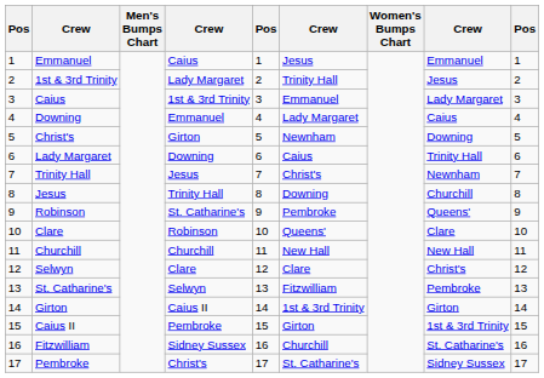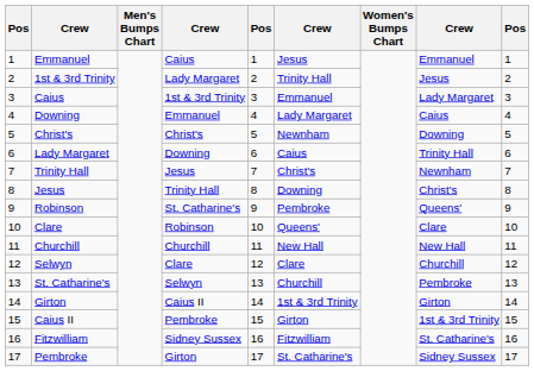 <table class="wikitable" style="font-size:88%; white-space:nowrap; margin:0.5em auto">
 <tr style="white-space:normal">
 <th width=35>Pos</th>
 <th width=125>Crew</th>
 <th width=90>Men's Bumps Chart</th>
 <th width=125>Crew</th>
 <th width=35>Pos</th>
 <th width=125>Crew</th>
 <th width=90>Women's Bumps Chart</th>
 <th width=125>Crew</th>
 <th width=35>Pos</th>
 </tr>
 <tr>
 <td>1</td>
 <td><a href='#'>Emmanuel</a></td>
 <td rowspan="17" style="padding:0"><br></td>
 <td><a href='#'>Caius</a></td>
 <td>1</td>
 <td><a href='#'>Jesus</a></td>
 <td rowspan="17" style="padding:0"><br></td>
 <td><a href='#'>Emmanuel</a></td>
 <td>1</td>
 </tr>
 <tr>
 <td>2</td>
 <td><a href='#'>1st & 3rd Trinity</a></td>
 <td><a href='#'>Lady Margaret</a></td>
 <td>2</td>
 <td><a href='#'>Trinity Hall</a></td>
 <td><a href='#'>Jesus</a></td>
 <td>2</td>
 </tr>
 <tr>
 <td>3</td>
 <td><a href='#'>Caius</a></td>
 <td><a href='#'>1st & 3rd Trinity</a></td>
 <td>3</td>
 <td><a href='#'>Emmanuel</a></td>
 <td><a href='#'>Lady Margaret</a></td>
 <td>3</td>
 </tr>
 <tr>
 <td>4</td>
 <td><a href='#'>Downing</a></td>
 <td><a href='#'>Emmanuel</a></td>
 <td>4</td>
 <td><a href='#'>Lady Margaret</a></td>
 <td><a href='#'>Caius</a></td>
 <td>4</td>
 </tr>
 <tr>
 <td>5</td>
 <td><a href='#'>Christ's</a></td>
-<td><a href='#'>Girton</a></td>
+<td><a href='#'>Christ's</a></td>
 <td>5</td>
 <td><a href='#'>Newnham</a></td>
 <td><a href='#'>Downing</a></td>
 <td>5</td>
 </tr>
 <tr>
 <td>6</td>
 <td><a href='#'>Lady Margaret</a></td>
 <td><a href='#'>Downing</a></td>
 <td>6</td>
 <td><a href='#'>Caius</a></td>
 <td><a href='#'>Trinity Hall</a></td>
 <td>6</td>
 </tr>
 <tr>
 <td>7</td>
 <td><a href='#'>Trinity Hall</a></td>
 <td><a href='#'>Jesus</a></td>
 <td>7</td>
 <td><a href='#'>Christ's</a></td>
 <td><a href='#'>Newnham</a></td>
 <td>7</td>
 </tr>
 <tr>
 <td>8</td>
 <td><a href='#'>Jesus</a></td>
 <td><a href='#'>Trinity Hall</a></td>
 <td>8</td>
 <td><a href='#'>Downing</a></td>
-<td><a href='#'>Churchill</a></td>
+<td><a href='#'>Christ's</a></td>
 <td>8</td>
 </tr>
 <tr>
 <td>9</td>
 <td><a href='#'>Robinson</a></td>
 <td><a href='#'>St. Catharine's</a></td>
 <td>9</td>
 <td><a href='#'>Pembroke</a></td>
 <td><a href='#'>Queens'</a></td>
 <td>9</td>
 </tr>
 <tr>
 <td>10</td>
 <td><a href='#'>Clare</a></td>
 <td><a href='#'>Robinson</a></td>
 <td>10</td>
 <td><a href='#'>Queens'</a></td>
 <td><a href='#'>Clare</a></td>
 <td>10</td>
 </tr>
 <tr>
 <td>11</td>
 <td><a href='#'>Churchill</a></td>
 <td><a href='#'>Churchill</a></td>
 <td>11</td>
 <td><a href='#'>New Hall</a></td>
 <td><a href='#'>New Hall</a></td>
 <td>11</td>
 </tr>
 <tr>
 <td>12</td>
 <td><a href='#'>Selwyn</a></td>
 <td><a href='#'>Clare</a></td>
 <td>12</td>
 <td><a href='#'>Clare</a></td>
-<td><a href='#'>Christ's</a></td>
+<td><a href='#'>Churchill</a></td>
 <td>12</td>
 </tr>
 <tr>
 <td>13</td>
 <td><a href='#'>St. Catharine's</a></td>
 <td><a href='#'>Selwyn</a></td>
 <td>13</td>
-<td><a href='#'>Fitzwilliam</a></td>
+<td><a href='#'>Churchill</a></td>
 <td><a href='#'>Pembroke</a></td>
 <td>13</td>
 </tr>
 <tr>
 <td>14</td>
 <td><a href='#'>Girton</a></td>
 <td><a href='#'>Caius</a> II</td>
 <td>14</td>
 <td><a href='#'>1st & 3rd Trinity</a></td>
 <td><a href='#'>Girton</a></td>
 <td>14</td>
 </tr>
 <tr>
 <td>15</td>
 <td><a href='#'>Caius</a> II</td>
 <td><a href='#'>Pembroke</a></td>
 <td>15</td>
 <td><a href='#'>Girton</a></td>
 <td><a href='#'>1st & 3rd Trinity</a></td>
 <td>15</td>
 </tr>
 <tr>
 <td>16</td>
 <td><a href='#'>Fitzwilliam</a></td>
 <td><a href='#'>Sidney Sussex</a></td>
 <td>16</td>
-<td><a href='#'>Churchill</a></td>
+<td><a href='#'>Fitzwilliam</a></td>
 <td><a href='#'>St. Catharine's</a></td>
 <td>16</td>
 </tr>
 <tr>
 <td>17</td>
 <td><a href='#'>Pembroke</a></td>
-<td><a href='#'>Christ's</a></td>
+<td><a href='#'>Girton</a></td>
 <td>17</td>
 <td><a href='#'>St. Catharine's</a></td>
 <td><a href='#'>Sidney Sussex</a></td>
 <td>17</td>
 </tr>
 </table>
